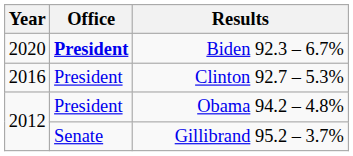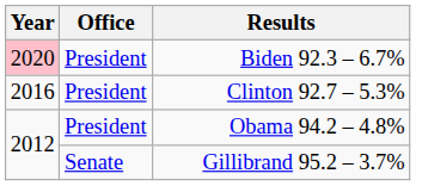 <table class=wikitable>
 <tr>
 <th width="30">Year</th>
 <th width="60">Office</th>
 <th width="180">Results</th>
 </tr>
 <tr>
-<td>2020</td>
-<td><strong><a href='#'>President</a></strong></td>
+<td style="background: pink;">2020</td>
+<td><a href='#'>President</a></td>
 <td align="right" ><a href='#'>Biden</a> 92.3 – 6.7%</td>
 </tr>
 <tr>
 <td>2016</td>
 <td><a href='#'>President</a></td>
 <td align="right" ><a href='#'>Clinton</a> 92.7 – 5.3%</td>
 </tr>
 <tr>
 <td rowspan="2">2012</td>
 <td><a href='#'>President</a></td>
 <td align="right" ><a href='#'>Obama</a> 94.2 – 4.8%</td>
 </tr>
 <tr>
 <td><a href='#'>Senate</a></td>
 <td align="right" ><a href='#'>Gillibrand</a> 95.2 – 3.7%</td>
 </tr>
 </table>
